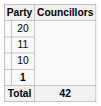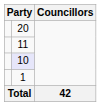 <table class="wikitable">
 <tr>
 <th colspan=2>Party</th>
 <th>Councillors</th>
 </tr>
 <tr>
 <td></td>
 <td align=center>20</td>
 </tr>
 <tr>
 <td></td>
 <td align=center>11</td>
 </tr>
 <tr>
 <td></td>
-<td align=center>10</td>
+<td align=center style="background: lavender;">10</td>
 </tr>
 <tr>
 <td></td>
-<td align=center><strong>1</strong></td>
+<td align=center>1</td>
 </tr>
 <tr>
 <th colspan=2>Total</th>
 <th align=center>42</th>
 </tr>
 </table>
